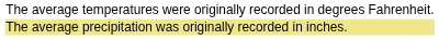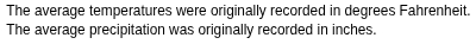 <table>
 <tr>
 <td>The average temperatures were originally recorded in degrees Fahrenheit.</td>
 </tr>
 <tr>
-<td style="background: khaki;">The average precipitation was originally recorded in inches.</td>
+<td>The average precipitation was originally recorded in inches.</td>
 </tr>
 </table>
